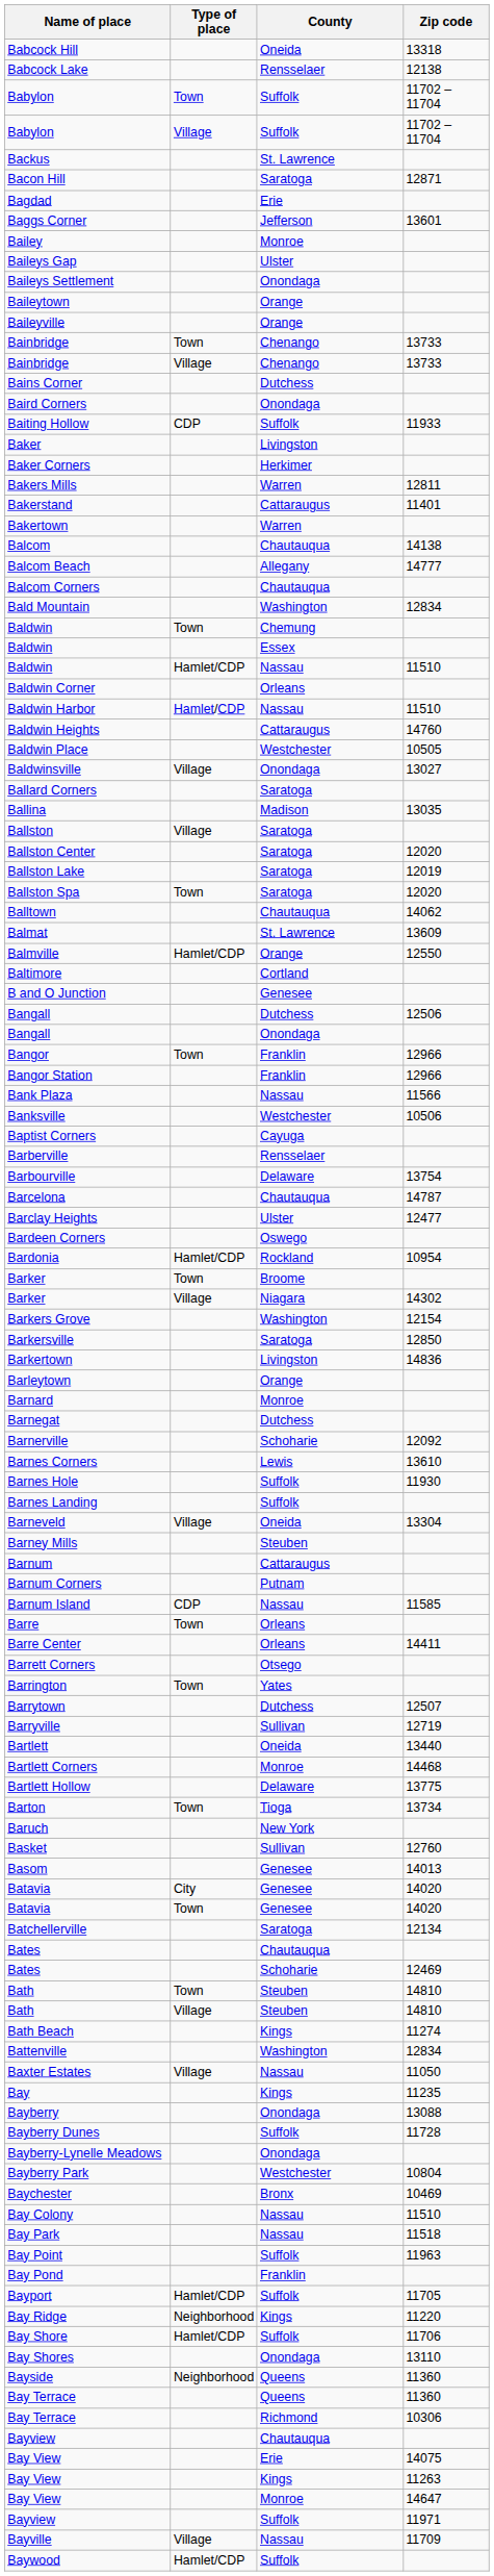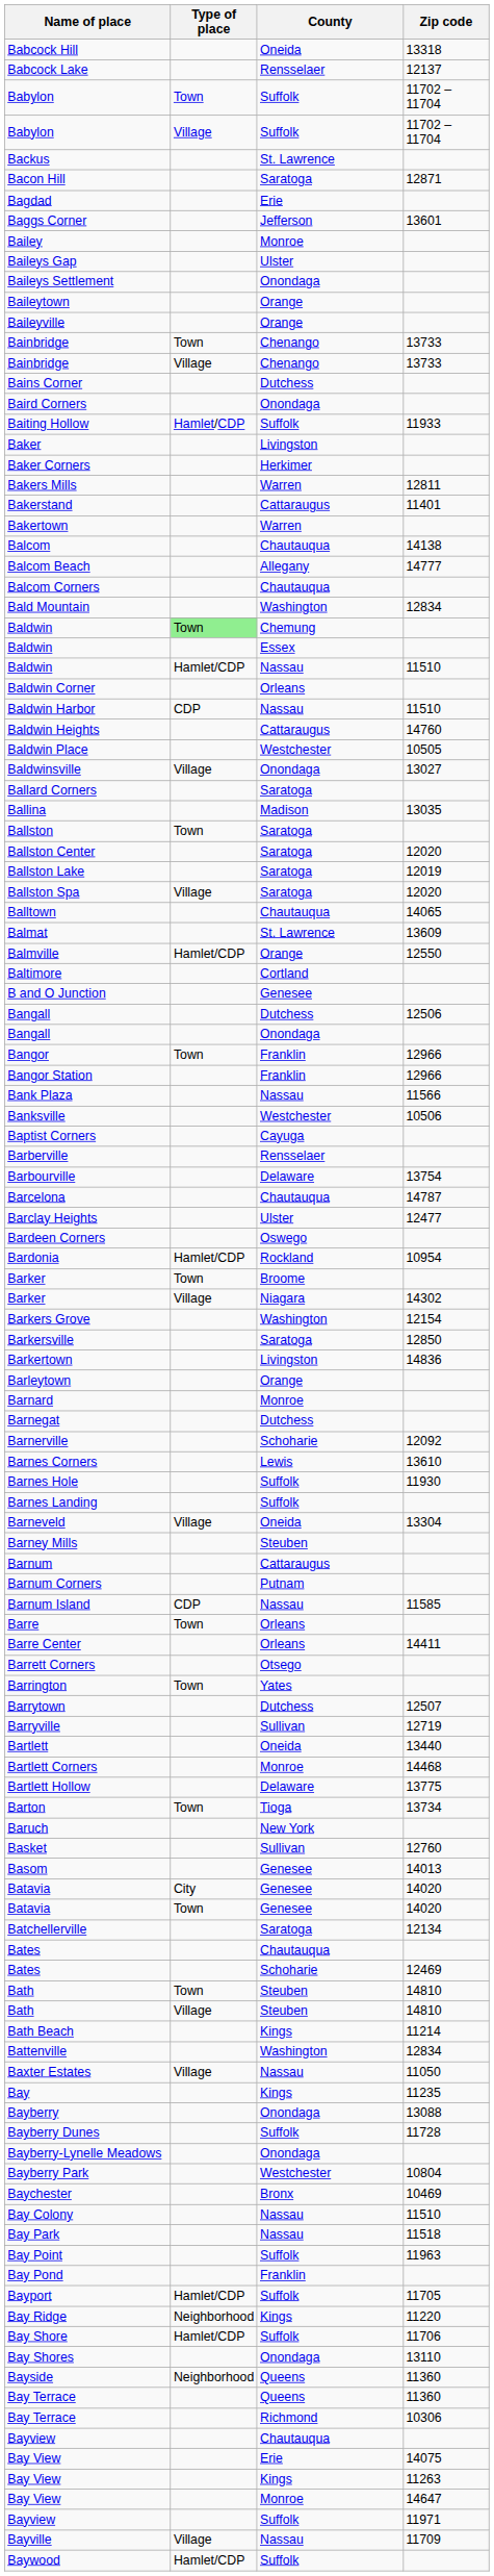 <table align="center" class="wikitable sortable”">
 <tr>
 <th width="200">Name of place</th>
 <th width="100">Type of place</th>
 <th width="175">County</th>
 <th width="100">Zip code</th>
 </tr>
 <tr --->
 <td><a href='#'>Babcock Hill</a></td>
 <td> </td>
 <td><a href='#'>Oneida</a></td>
 <td>13318</td>
 </tr>
 <tr --->
 <td><a href='#'>Babcock Lake</a></td>
 <td> </td>
 <td><a href='#'>Rensselaer</a></td>
-<td>12138</td>
+<td>12137</td>
 </tr>
 <tr --->
 <td><a href='#'>Babylon</a></td>
 <td><a href='#'>Town</a></td>
 <td><a href='#'>Suffolk</a></td>
 <td>11702 – 11704</td>
 </tr>
 <tr --->
 <td><a href='#'>Babylon</a></td>
 <td><a href='#'>Village</a></td>
 <td><a href='#'>Suffolk</a></td>
 <td>11702 – 11704</td>
 </tr>
 <tr --->
 <td><a href='#'>Backus</a></td>
 <td> </td>
 <td><a href='#'>St. Lawrence</a></td>
 <td> </td>
 </tr>
 <tr --->
 <td><a href='#'>Bacon Hill</a></td>
 <td> </td>
 <td><a href='#'>Saratoga</a></td>
 <td>12871</td>
 </tr>
 <tr --->
 <td><a href='#'>Bagdad</a></td>
 <td> </td>
 <td><a href='#'>Erie</a></td>
 <td> </td>
 </tr>
 <tr --->
 <td><a href='#'>Baggs Corner</a></td>
 <td> </td>
 <td><a href='#'>Jefferson</a></td>
 <td>13601</td>
 </tr>
 <tr --->
 <td><a href='#'>Bailey</a></td>
 <td> </td>
 <td><a href='#'>Monroe</a></td>
 <td> </td>
 </tr>
 <tr --->
 <td><a href='#'>Baileys Gap</a></td>
 <td> </td>
 <td><a href='#'>Ulster</a></td>
 <td> </td>
 </tr>
 <tr --->
 <td><a href='#'>Baileys Settlement</a></td>
 <td> </td>
 <td><a href='#'>Onondaga</a></td>
 <td> </td>
 </tr>
 <tr --->
 <td><a href='#'>Baileytown</a></td>
 <td> </td>
 <td><a href='#'>Orange</a></td>
 <td> </td>
 </tr>
 <tr --->
 <td><a href='#'>Baileyville</a></td>
 <td> </td>
 <td><a href='#'>Orange</a></td>
 <td> </td>
 </tr>
 <tr --->
 <td><a href='#'>Bainbridge</a></td>
 <td>Town</td>
 <td><a href='#'>Chenango</a></td>
 <td>13733</td>
 </tr>
 <tr --->
 <td><a href='#'>Bainbridge</a></td>
 <td>Village</td>
 <td><a href='#'>Chenango</a></td>
 <td>13733</td>
 </tr>
 <tr --->
 <td><a href='#'>Bains Corner</a></td>
 <td> </td>
 <td><a href='#'>Dutchess</a></td>
 <td> </td>
 </tr>
 <tr --->
 <td><a href='#'>Baird Corners</a></td>
 <td> </td>
 <td><a href='#'>Onondaga</a></td>
 <td> </td>
 </tr>
 <tr --->
 <td><a href='#'>Baiting Hollow</a></td>
-<td>CDP</td>
+<td><a href='#'>Hamlet</a>/<a href='#'>CDP</a></td>
 <td><a href='#'>Suffolk</a></td>
 <td>11933</td>
 </tr>
 <tr --->
 <td><a href='#'>Baker</a></td>
 <td> </td>
 <td><a href='#'>Livingston</a></td>
 <td> </td>
 </tr>
 <tr --->
 <td><a href='#'>Baker Corners</a></td>
 <td> </td>
 <td><a href='#'>Herkimer</a></td>
 <td> </td>
 </tr>
 <tr --->
 <td><a href='#'>Bakers Mills</a></td>
 <td> </td>
 <td><a href='#'>Warren</a></td>
 <td>12811</td>
 </tr>
 <tr --->
 <td><a href='#'>Bakerstand</a></td>
 <td> </td>
 <td><a href='#'>Cattaraugus</a></td>
 <td>11401</td>
 </tr>
 <tr --->
 <td><a href='#'>Bakertown</a></td>
 <td> </td>
 <td><a href='#'>Warren</a></td>
 <td> </td>
 </tr>
 <tr --->
 <td><a href='#'>Balcom</a></td>
 <td> </td>
 <td><a href='#'>Chautauqua</a></td>
 <td>14138</td>
 </tr>
 <tr --->
 <td><a href='#'>Balcom Beach</a></td>
 <td> </td>
 <td><a href='#'>Allegany</a></td>
 <td>14777</td>
 </tr>
 <tr --->
 <td><a href='#'>Balcom Corners</a></td>
 <td> </td>
 <td><a href='#'>Chautauqua</a></td>
 <td> </td>
 </tr>
 <tr --->
 <td><a href='#'>Bald Mountain</a></td>
 <td> </td>
 <td><a href='#'>Washington</a></td>
 <td>12834</td>
 </tr>
 <tr --->
 <td><a href='#'>Baldwin</a></td>
-<td>Town</td>
+<td style="background: lightgreen;">Town</td>
 <td><a href='#'>Chemung</a></td>
 <td> </td>
 </tr>
 <tr --->
 <td><a href='#'>Baldwin</a></td>
 <td> </td>
 <td><a href='#'>Essex</a></td>
 <td> </td>
 </tr>
 <tr --->
 <td><a href='#'>Baldwin</a></td>
 <td>Hamlet/CDP</td>
 <td><a href='#'>Nassau</a></td>
 <td>11510</td>
 </tr>
 <tr --->
 <td><a href='#'>Baldwin Corner</a></td>
 <td> </td>
 <td><a href='#'>Orleans</a></td>
 <td> </td>
 </tr>
 <tr --->
 <td><a href='#'>Baldwin Harbor</a></td>
-<td><a href='#'>Hamlet</a>/<a href='#'>CDP</a></td>
+<td>CDP</td>
 <td><a href='#'>Nassau</a></td>
 <td>11510</td>
 </tr>
 <tr --->
 <td><a href='#'>Baldwin Heights</a></td>
 <td> </td>
 <td><a href='#'>Cattaraugus</a></td>
 <td>14760</td>
 </tr>
 <tr --->
 <td><a href='#'>Baldwin Place</a></td>
 <td> </td>
 <td><a href='#'>Westchester</a></td>
 <td>10505</td>
 </tr>
 <tr --->
 <td><a href='#'>Baldwinsville</a></td>
 <td>Village</td>
 <td><a href='#'>Onondaga</a></td>
 <td>13027</td>
 </tr>
 <tr --->
 <td><a href='#'>Ballard Corners</a></td>
 <td> </td>
 <td><a href='#'>Saratoga</a></td>
 <td> </td>
 </tr>
 <tr --->
 <td><a href='#'>Ballina</a></td>
 <td> </td>
 <td><a href='#'>Madison</a></td>
 <td>13035</td>
 </tr>
 <tr --->
 <td><a href='#'>Ballston</a></td>
-<td>Village</td>
+<td>Town</td>
 <td><a href='#'>Saratoga</a></td>
 <td> </td>
 </tr>
 <tr --->
 <td><a href='#'>Ballston Center</a></td>
 <td> </td>
 <td><a href='#'>Saratoga</a></td>
 <td>12020</td>
 </tr>
 <tr --->
 <td><a href='#'>Ballston Lake</a></td>
 <td> </td>
 <td><a href='#'>Saratoga</a></td>
 <td>12019</td>
 </tr>
 <tr --->
 <td><a href='#'>Ballston Spa</a></td>
-<td>Town</td>
+<td>Village</td>
 <td><a href='#'>Saratoga</a></td>
 <td>12020</td>
 </tr>
 <tr --->
 <td><a href='#'>Balltown</a></td>
 <td> </td>
 <td><a href='#'>Chautauqua</a></td>
-<td>14062</td>
+<td>14065</td>
 </tr>
 <tr --->
 <td><a href='#'>Balmat</a></td>
 <td> </td>
 <td><a href='#'>St. Lawrence</a></td>
 <td>13609</td>
 </tr>
 <tr --->
 <td><a href='#'>Balmville</a></td>
 <td>Hamlet/CDP</td>
 <td><a href='#'>Orange</a></td>
 <td>12550</td>
 </tr>
 <tr --->
 <td><a href='#'>Baltimore</a></td>
 <td> </td>
 <td><a href='#'>Cortland</a></td>
 <td> </td>
 </tr>
 <tr --->
 <td><a href='#'>B and O Junction</a></td>
 <td> </td>
 <td><a href='#'>Genesee</a></td>
 <td> </td>
 </tr>
 <tr --->
 <td><a href='#'>Bangall</a></td>
 <td> </td>
 <td><a href='#'>Dutchess</a></td>
 <td>12506</td>
 </tr>
 <tr --->
 <td><a href='#'>Bangall</a></td>
 <td> </td>
 <td><a href='#'>Onondaga</a></td>
 <td> </td>
 </tr>
 <tr --->
 <td><a href='#'>Bangor</a></td>
 <td>Town</td>
 <td><a href='#'>Franklin</a></td>
 <td>12966</td>
 </tr>
 <tr --->
 <td><a href='#'>Bangor Station</a></td>
 <td> </td>
 <td><a href='#'>Franklin</a></td>
 <td>12966</td>
 </tr>
 <tr --->
 <td><a href='#'>Bank Plaza</a></td>
 <td> </td>
 <td><a href='#'>Nassau</a></td>
 <td>11566</td>
 </tr>
 <tr --->
 <td><a href='#'>Banksville</a></td>
 <td> </td>
 <td><a href='#'>Westchester</a></td>
 <td>10506</td>
 </tr>
 <tr --->
 <td><a href='#'>Baptist Corners</a></td>
 <td> </td>
 <td><a href='#'>Cayuga</a></td>
 <td> </td>
 </tr>
 <tr --->
 <td><a href='#'>Barberville</a></td>
 <td> </td>
 <td><a href='#'>Rensselaer</a></td>
 <td> </td>
 </tr>
 <tr --->
 <td><a href='#'>Barbourville</a></td>
 <td> </td>
 <td><a href='#'>Delaware</a></td>
 <td>13754</td>
 </tr>
 <tr --->
 <td><a href='#'>Barcelona</a></td>
 <td> </td>
 <td><a href='#'>Chautauqua</a></td>
 <td>14787</td>
 </tr>
 <tr --->
 <td><a href='#'>Barclay Heights</a></td>
 <td> </td>
 <td><a href='#'>Ulster</a></td>
 <td>12477</td>
 </tr>
 <tr --->
 <td><a href='#'>Bardeen Corners</a></td>
 <td> </td>
 <td><a href='#'>Oswego</a></td>
 <td> </td>
 </tr>
 <tr --->
 <td><a href='#'>Bardonia</a></td>
 <td>Hamlet/CDP</td>
 <td><a href='#'>Rockland</a></td>
 <td>10954</td>
 </tr>
 <tr --->
 <td><a href='#'>Barker</a></td>
 <td>Town</td>
 <td><a href='#'>Broome</a></td>
 <td> </td>
 </tr>
 <tr --->
 <td><a href='#'>Barker</a></td>
 <td>Village</td>
 <td><a href='#'>Niagara</a></td>
 <td>14302</td>
 </tr>
 <tr --->
 <td><a href='#'>Barkers Grove</a></td>
 <td> </td>
 <td><a href='#'>Washington</a></td>
 <td>12154</td>
 </tr>
 <tr --->
 <td><a href='#'>Barkersville</a></td>
 <td> </td>
 <td><a href='#'>Saratoga</a></td>
 <td>12850</td>
 </tr>
 <tr --->
 <td><a href='#'>Barkertown</a></td>
 <td> </td>
 <td><a href='#'>Livingston</a></td>
 <td>14836</td>
 </tr>
 <tr --->
 <td><a href='#'>Barleytown</a></td>
 <td> </td>
 <td><a href='#'>Orange</a></td>
 <td> </td>
 </tr>
 <tr --->
 <td><a href='#'>Barnard</a></td>
 <td> </td>
 <td><a href='#'>Monroe</a></td>
 <td> </td>
 </tr>
 <tr --->
 <td><a href='#'>Barnegat</a></td>
 <td> </td>
 <td><a href='#'>Dutchess</a></td>
 <td> </td>
 </tr>
 <tr --->
 <td><a href='#'>Barnerville</a></td>
 <td> </td>
 <td><a href='#'>Schoharie</a></td>
 <td>12092</td>
 </tr>
 <tr --->
 <td><a href='#'>Barnes Corners</a></td>
 <td> </td>
 <td><a href='#'>Lewis</a></td>
 <td>13610</td>
 </tr>
 <tr --->
 <td><a href='#'>Barnes Hole</a></td>
 <td> </td>
 <td><a href='#'>Suffolk</a></td>
 <td>11930</td>
 </tr>
 <tr --->
 <td><a href='#'>Barnes Landing</a></td>
 <td> </td>
 <td><a href='#'>Suffolk</a></td>
 <td> </td>
 </tr>
 <tr --->
 <td><a href='#'>Barneveld</a></td>
 <td>Village</td>
 <td><a href='#'>Oneida</a></td>
 <td>13304</td>
 </tr>
 <tr --->
 <td><a href='#'>Barney Mills</a></td>
 <td> </td>
 <td><a href='#'>Steuben</a></td>
 <td> </td>
 </tr>
 <tr --->
 <td><a href='#'>Barnum</a></td>
 <td> </td>
 <td><a href='#'>Cattaraugus</a></td>
 <td> </td>
 </tr>
 <tr --->
 <td><a href='#'>Barnum Corners</a></td>
 <td> </td>
 <td><a href='#'>Putnam</a></td>
 <td> </td>
 </tr>
 <tr --->
 <td><a href='#'>Barnum Island</a></td>
 <td>CDP</td>
 <td><a href='#'>Nassau</a></td>
 <td>11585</td>
 </tr>
 <tr --->
 <td><a href='#'>Barre</a></td>
 <td>Town</td>
 <td><a href='#'>Orleans</a></td>
 <td> </td>
 </tr>
 <tr --->
 <td><a href='#'>Barre Center</a></td>
 <td> </td>
 <td><a href='#'>Orleans</a></td>
 <td>14411</td>
 </tr>
 <tr --->
 <td><a href='#'>Barrett Corners</a></td>
 <td> </td>
 <td><a href='#'>Otsego</a></td>
 <td> </td>
 </tr>
 <tr --->
 <td><a href='#'>Barrington</a></td>
 <td>Town</td>
 <td><a href='#'>Yates</a></td>
 <td> </td>
 </tr>
 <tr --->
 <td><a href='#'>Barrytown</a></td>
 <td> </td>
 <td><a href='#'>Dutchess</a></td>
 <td>12507</td>
 </tr>
 <tr --->
 <td><a href='#'>Barryville</a></td>
 <td> </td>
 <td><a href='#'>Sullivan</a></td>
 <td>12719</td>
 </tr>
 <tr --->
 <td><a href='#'>Bartlett</a></td>
 <td> </td>
 <td><a href='#'>Oneida</a></td>
 <td>13440</td>
 </tr>
 <tr --->
 <td><a href='#'>Bartlett Corners</a></td>
 <td> </td>
 <td><a href='#'>Monroe</a></td>
 <td>14468</td>
 </tr>
 <tr --->
 <td><a href='#'>Bartlett Hollow</a></td>
 <td> </td>
 <td><a href='#'>Delaware</a></td>
 <td>13775</td>
 </tr>
 <tr --->
 <td><a href='#'>Barton</a></td>
 <td>Town</td>
 <td><a href='#'>Tioga</a></td>
 <td>13734</td>
 </tr>
 <tr --->
 <td><a href='#'>Baruch</a></td>
 <td> </td>
 <td><a href='#'>New York</a></td>
 <td> </td>
 </tr>
 <tr --->
 <td><a href='#'>Basket</a></td>
 <td> </td>
 <td><a href='#'>Sullivan</a></td>
 <td>12760</td>
 </tr>
 <tr --->
 <td><a href='#'>Basom</a></td>
 <td> </td>
 <td><a href='#'>Genesee</a></td>
 <td>14013</td>
 </tr>
 <tr --->
 <td><a href='#'>Batavia</a></td>
 <td>City</td>
 <td><a href='#'>Genesee</a></td>
 <td>14020</td>
 </tr>
 <tr --->
 <td><a href='#'>Batavia</a></td>
 <td>Town</td>
 <td><a href='#'>Genesee</a></td>
 <td>14020</td>
 </tr>
 <tr --->
 <td><a href='#'>Batchellerville</a></td>
 <td> </td>
 <td><a href='#'>Saratoga</a></td>
 <td>12134</td>
 </tr>
 <tr --->
 <td><a href='#'>Bates</a></td>
 <td> </td>
 <td><a href='#'>Chautauqua</a></td>
 <td> </td>
 </tr>
 <tr --->
 <td><a href='#'>Bates</a></td>
 <td> </td>
 <td><a href='#'>Schoharie</a></td>
 <td>12469</td>
 </tr>
 <tr --->
 <td><a href='#'>Bath</a></td>
 <td>Town</td>
 <td><a href='#'>Steuben</a></td>
 <td>14810</td>
 </tr>
 <tr --->
 <td><a href='#'>Bath</a></td>
 <td>Village</td>
 <td><a href='#'>Steuben</a></td>
 <td>14810</td>
 </tr>
 <tr --->
 <td><a href='#'>Bath Beach</a></td>
 <td> </td>
 <td><a href='#'>Kings</a></td>
-<td>11274</td>
+<td>11214</td>
 </tr>
 <tr --->
 <td><a href='#'>Battenville</a></td>
 <td> </td>
 <td><a href='#'>Washington</a></td>
 <td>12834</td>
 </tr>
 <tr --->
 <td><a href='#'>Baxter Estates</a></td>
 <td>Village</td>
 <td><a href='#'>Nassau</a></td>
 <td>11050</td>
 </tr>
 <tr --->
 <td><a href='#'>Bay</a></td>
 <td> </td>
 <td><a href='#'>Kings</a></td>
 <td>11235</td>
 </tr>
 <tr --->
 <td><a href='#'>Bayberry</a></td>
 <td> </td>
 <td><a href='#'>Onondaga</a></td>
 <td>13088</td>
 </tr>
 <tr --->
 <td><a href='#'>Bayberry Dunes</a></td>
 <td> </td>
 <td><a href='#'>Suffolk</a></td>
 <td>11728</td>
 </tr>
 <tr --->
 <td><a href='#'>Bayberry-Lynelle Meadows</a></td>
 <td> </td>
 <td><a href='#'>Onondaga</a></td>
 <td> </td>
 </tr>
 <tr --->
 <td><a href='#'>Bayberry Park</a></td>
 <td> </td>
 <td><a href='#'>Westchester</a></td>
 <td>10804</td>
 </tr>
 <tr --->
 <td><a href='#'>Baychester</a></td>
 <td> </td>
 <td><a href='#'>Bronx</a></td>
 <td>10469</td>
 </tr>
 <tr --->
 <td><a href='#'>Bay Colony</a></td>
 <td> </td>
 <td><a href='#'>Nassau</a></td>
 <td>11510</td>
 </tr>
 <tr --->
 <td><a href='#'>Bay Park</a></td>
 <td> </td>
 <td><a href='#'>Nassau</a></td>
 <td>11518</td>
 </tr>
 <tr --->
 <td><a href='#'>Bay Point</a></td>
 <td> </td>
 <td><a href='#'>Suffolk</a></td>
 <td>11963</td>
 </tr>
 <tr --->
 <td><a href='#'>Bay Pond</a></td>
 <td> </td>
 <td><a href='#'>Franklin</a></td>
 <td> </td>
 </tr>
 <tr --->
 <td><a href='#'>Bayport</a></td>
 <td>Hamlet/CDP</td>
 <td><a href='#'>Suffolk</a></td>
 <td>11705</td>
 </tr>
 <tr --->
 <td><a href='#'>Bay Ridge</a></td>
 <td>Neighborhood</td>
 <td><a href='#'>Kings</a></td>
 <td>11220</td>
 </tr>
 <tr --->
 <td><a href='#'>Bay Shore</a></td>
 <td>Hamlet/CDP</td>
 <td><a href='#'>Suffolk</a></td>
 <td>11706</td>
 </tr>
 <tr --->
 <td><a href='#'>Bay Shores</a></td>
 <td> </td>
 <td><a href='#'>Onondaga</a></td>
 <td>13110</td>
 </tr>
 <tr --->
 <td><a href='#'>Bayside</a></td>
 <td>Neighborhood</td>
 <td><a href='#'>Queens</a></td>
 <td>11360</td>
 </tr>
 <tr --->
 <td><a href='#'>Bay Terrace</a></td>
 <td> </td>
 <td><a href='#'>Queens</a></td>
 <td>11360</td>
 </tr>
 <tr --->
 <td><a href='#'>Bay Terrace</a></td>
 <td> </td>
 <td><a href='#'>Richmond</a></td>
 <td>10306</td>
 </tr>
 <tr --->
 <td><a href='#'>Bayview</a></td>
 <td> </td>
 <td><a href='#'>Chautauqua</a></td>
 <td> </td>
 </tr>
 <tr --->
 <td><a href='#'>Bay View</a></td>
 <td> </td>
 <td><a href='#'>Erie</a></td>
 <td>14075</td>
 </tr>
 <tr --->
 <td><a href='#'>Bay View</a></td>
 <td> </td>
 <td><a href='#'>Kings</a></td>
 <td>11263</td>
 </tr>
 <tr --->
 <td><a href='#'>Bay View</a></td>
 <td> </td>
 <td><a href='#'>Monroe</a></td>
 <td>14647</td>
 </tr>
 <tr --->
 <td><a href='#'>Bayview</a></td>
 <td> </td>
 <td><a href='#'>Suffolk</a></td>
 <td>11971</td>
 </tr>
 <tr --->
 <td><a href='#'>Bayville</a></td>
 <td>Village</td>
 <td><a href='#'>Nassau</a></td>
 <td>11709</td>
 </tr>
 <tr --->
 <td><a href='#'>Baywood</a></td>
 <td>Hamlet/CDP</td>
 <td><a href='#'>Suffolk</a></td>
 <td> </td>
 </tr>
 </table>
